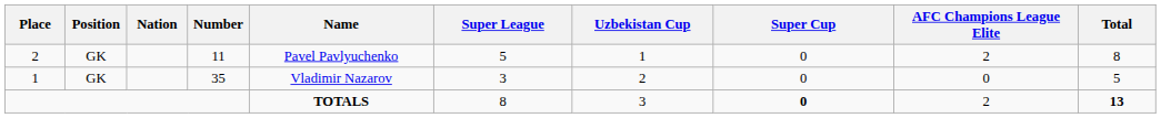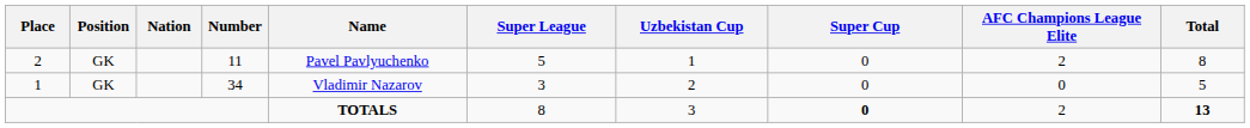 <table class="wikitable" style="font-size: 95%; text-align: center;">
 <tr>
 <th width=60>Place</th>
 <th width=60>Position</th>
 <th width=60>Nation</th>
 <th width=60>Number</th>
 <th width=200>Name</th>
 <th width=150><a href='#'>Super League</a></th>
 <th width=150><a href='#'>Uzbekistan Cup</a></th>
 <th width=200><a href='#'>Super Cup</a></th>
 <th width=200><a href='#'>AFC Champions League Elite</a></th>
 <th width=80><strong>Total</strong></th>
 </tr>
 <tr>
 <td>2</td>
 <td>GK</td>
 <td></td>
 <td>11</td>
 <td><a href='#'>Pavel Pavlyuchenko</a></td>
 <td>5</td>
 <td>1</td>
 <td>0</td>
 <td>2</td>
 <td>8</td>
 </tr>
 <tr>
 <td>1</td>
 <td>GK</td>
 <td></td>
-<td>35</td>
+<td>34</td>
 <td><a href='#'>Vladimir Nazarov</a></td>
 <td>3</td>
 <td>2</td>
 <td>0</td>
 <td>0</td>
 <td>5</td>
 </tr>
 <tr>
 <td colspan="4"></td>
 <td><strong>TOTALS</strong></td>
 <td>8</td>
 <td>3</td>
 <td><strong>0</strong></td>
 <td>2</td>
 <td><strong>13</strong></td>
 </tr>
 </table>
